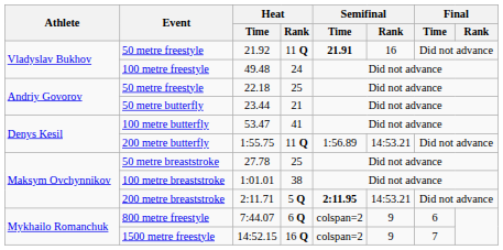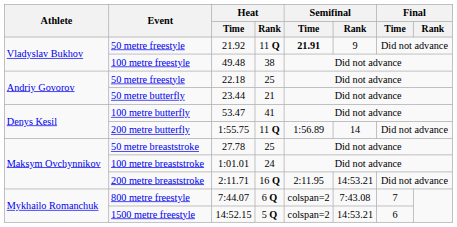 <table class="wikitable" style="text-align:center; font-size:90%; width:50%;">
 <tr>
 <th rowspan="2">Athlete</th>
 <th rowspan="2">Event</th>
 <th colspan="2">Heat</th>
 <th colspan="2">Semifinal</th>
 <th colspan="2">Final</th>
 </tr>
 <tr style="font-size:95%">
 <th>Time</th>
 <th>Rank</th>
 <th>Time</th>
 <th>Rank</th>
 <th>Time</th>
 <th>Rank</th>
 </tr>
 <tr>
 <td align=left rowspan=2><a href='#'>Vladyslav Bukhov</a></td>
 <td align=left><a href='#'>50 metre freestyle</a></td>
 <td>21.92</td>
 <td>11 <strong>Q</strong></td>
 <td><strong>21.91</strong></td>
-<td>16</td>
+<td>9</td>
 <td colspan=2>Did not advance</td>
 </tr>
 <tr>
 <td align=left><a href='#'>100 metre freestyle</a></td>
 <td>49.48</td>
-<td>24</td>
+<td>38</td>
 <td colspan=4>Did not advance</td>
 </tr>
 <tr align=center>
 <td align=left rowspan="2"><a href='#'>Andriy Govorov</a></td>
 <td align=left><a href='#'>50 metre freestyle</a></td>
 <td>22.18</td>
 <td>25</td>
 <td colspan=4>Did not advance</td>
 </tr>
 <tr align=center>
 <td align=left><a href='#'>50 metre butterfly</a></td>
 <td>23.44</td>
 <td>21</td>
 <td colspan=4>Did not advance</td>
 </tr>
 <tr>
 <td align=left rowspan=2><a href='#'>Denys Kesil</a></td>
 <td align=left><a href='#'>100 metre butterfly</a></td>
 <td>53.47</td>
 <td>41</td>
 <td colspan=4>Did not advance</td>
 </tr>
 <tr>
 <td align=left><a href='#'>200 metre butterfly</a></td>
 <td>1:55.75</td>
 <td>11 <strong>Q</strong></td>
 <td>1:56.89</td>
-<td>14:53.21</td>
+<td>14</td>
 <td colspan="2">Did not advance</td>
 </tr>
 <tr align=center>
 <td align=left rowspan="3"><a href='#'>Maksym Ovchynnikov</a></td>
 <td align=left><a href='#'>50 metre breaststroke</a></td>
 <td>27.78</td>
 <td>25</td>
 <td colspan=4>Did not advance</td>
 </tr>
 <tr align=center>
 <td align=left><a href='#'>100 metre breaststroke</a></td>
 <td>1:01.01</td>
-<td>38</td>
+<td>24</td>
 <td colspan=4>Did not advance</td>
 </tr>
 <tr align=center>
 <td align=left><a href='#'>200 metre breaststroke</a></td>
 <td>2:11.71</td>
-<td>5 <strong>Q</strong></td>
-<td><strong>2:11.95</strong></td>
+<td>16 <strong>Q</strong></td>
+<td>2:11.95</td>
 <td>14:53.21</td>
 <td colspan=2>Did not advance</td>
 </tr>
 <tr>
 <td align=left rowspan=2><a href='#'>Mykhailo Romanchuk</a></td>
 <td align=left><a href='#'>800 metre freestyle</a></td>
 <td>7:44.07</td>
 <td>6 <strong>Q</strong></td>
 <td>colspan=2 </td>
-<td>9</td>
-<td>6</td>
+<td>7:43.08</td>
+<td>7</td>
 </tr>
 <tr>
 <td align=left><a href='#'>1500 metre freestyle</a></td>
 <td>14:52.15</td>
-<td>16 <strong>Q</strong></td>
+<td>5 <strong>Q</strong></td>
 <td>colspan=2 </td>
-<td>9</td>
-<td>7</td>
+<td>14:53.21</td>
+<td>6</td>
 </tr>
 </table>
